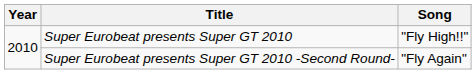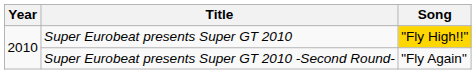 <table class="wikitable">
 <tr>
 <th>Year</th>
 <th>Title</th>
 <th>Song</th>
 </tr>
 <tr>
 <td rowspan="2">2010</td>
 <td><em>Super Eurobeat presents Super GT 2010</em></td>
-<td>"Fly High!!"</td>
+<td style="background: gold;">"Fly High!!"</td>
 </tr>
 <tr>
 <td><em>Super Eurobeat presents Super GT 2010 -Second Round-</em></td>
 <td>"Fly Again"</td>
 </tr>
 </table>
